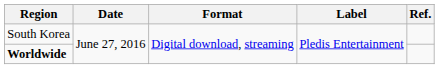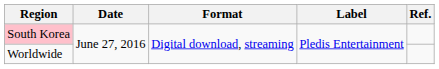 <table class="wikitable">
 <tr>
 <th>Region</th>
 <th>Date</th>
 <th>Format</th>
 <th>Label</th>
 <th>Ref.</th>
 </tr>
 <tr>
-<td>South Korea</td>
+<td style="background: pink;">South Korea</td>
 <td rowspan="2">June 27, 2016</td>
 <td rowspan="2"><a href='#'>Digital download</a>, <a href='#'>streaming</a></td>
 <td rowspan="2"><a href='#'>Pledis Entertainment</a></td>
 <td></td>
 </tr>
 <tr>
-<td><strong>Worldwide</strong></td>
+<td>Worldwide</td>
 <td></td>
 </tr>
 </table>
